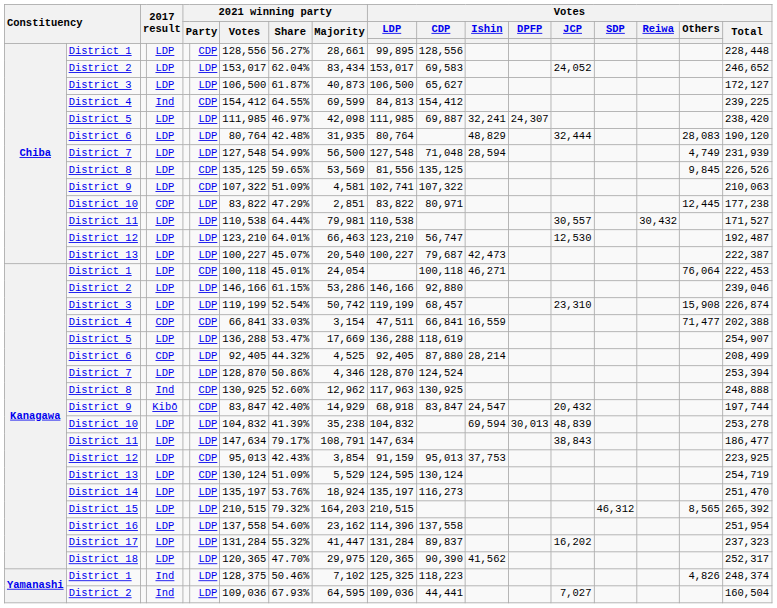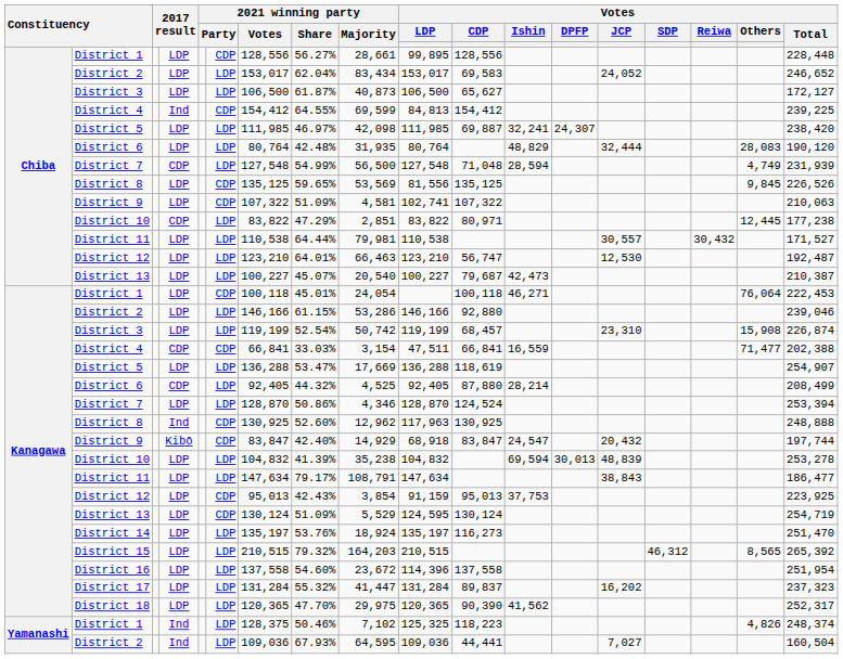 <table class="wikitable sortable" style="text-align:right; font-size:95%">
 <tr>
 <th rowspan=3 colspan=2 style="text-align:left;">Constituency</th>
 <th colspan=2 rowspan=3>2017<br>result</th>
 <th colspan=5>2021 winning party</th>
 <th colspan=9>Votes</th>
 </tr>
 <tr>
 <th colspan=2 rowspan=2>Party</th>
 <th rowspan=2>Votes</th>
 <th rowspan=2>Share</th>
 <th rowspan=2>Majority</th>
 <th><a href='#'>LDP</a></th>
 <th><a href='#'>CDP</a></th>
 <th><a href='#'>Ishin</a></th>
 <th><a href='#'>DPFP</a></th>
 <th><a href='#'>JCP</a></th>
 <th><a href='#'>SDP</a></th>
 <th><a href='#'>Reiwa</a></th>
 <th>Others</th>
 <th rowspan=2>Total</th>
 </tr>
 <tr>
 <th style="background:"></th>
 <th style="background:"></th>
 <th style="background:"></th>
 <th style="background:"></th>
 <th style="background:"></th>
 <th style="background:"></th>
 <th style="background:"></th>
 <th></th>
 </tr>
 <tr>
 <th rowspan=13><a href='#'>Chiba</a></th>
 <td style="text-align:left;"><a href='#'>District 1</a></td>
 <td style="background:"></td>
 <td style="text-align:center;"><a href='#'>LDP</a></td>
 <td style="background:"></td>
 <td><a href='#'>CDP</a></td>
 <td>128,556</td>
 <td>56.27%</td>
 <td>28,661</td>
 <td>99,895</td>
 <td>128,556</td>
 <td></td>
 <td></td>
 <td></td>
 <td></td>
 <td></td>
 <td></td>
 <td>228,448</td>
 </tr>
 <tr>
 <td style="text-align:left;"><a href='#'>District 2</a></td>
 <td style="background:"></td>
 <td style="text-align:center;"><a href='#'>LDP</a></td>
 <td style="background:"></td>
 <td><a href='#'>LDP</a></td>
 <td>153,017</td>
 <td>62.04%</td>
 <td>83,434</td>
 <td>153,017</td>
 <td>69,583</td>
 <td></td>
 <td></td>
 <td>24,052</td>
 <td></td>
 <td></td>
 <td></td>
 <td>246,652</td>
 </tr>
 <tr>
 <td style="text-align:left;"><a href='#'>District 3</a></td>
 <td style="background:"></td>
 <td style="text-align:center;"><a href='#'>LDP</a></td>
 <td style="background:"></td>
 <td><a href='#'>LDP</a></td>
 <td>106,500</td>
 <td>61.87%</td>
 <td>40,873</td>
 <td>106,500</td>
 <td>65,627</td>
 <td></td>
 <td></td>
 <td></td>
 <td></td>
 <td></td>
 <td></td>
 <td>172,127</td>
 </tr>
 <tr>
 <td style="text-align:left;"><a href='#'>District 4</a></td>
 <td style="background:"></td>
 <td style="text-align:center;"><a href='#'>Ind</a></td>
 <td style="background:"></td>
 <td><a href='#'>CDP</a></td>
 <td>154,412</td>
 <td>64.55%</td>
 <td>69,599</td>
 <td>84,813</td>
 <td>154,412</td>
 <td></td>
 <td></td>
 <td></td>
 <td></td>
 <td></td>
 <td></td>
 <td>239,225</td>
 </tr>
 <tr>
 <td style="text-align:left;"><a href='#'>District 5</a></td>
 <td style="background:"></td>
 <td style="text-align:center;"><a href='#'>LDP</a></td>
 <td style="background:"></td>
 <td><a href='#'>LDP</a></td>
 <td>111,985</td>
 <td>46.97%</td>
 <td>42,098</td>
 <td>111,985</td>
 <td>69,887</td>
 <td>32,241</td>
 <td>24,307</td>
 <td></td>
 <td></td>
 <td></td>
 <td></td>
 <td>238,420</td>
 </tr>
 <tr>
 <td style="text-align:left;"><a href='#'>District 6</a></td>
 <td style="background:"></td>
 <td style="text-align:center;"><a href='#'>LDP</a></td>
 <td style="background:"></td>
 <td><a href='#'>LDP</a></td>
 <td>80,764</td>
 <td>42.48%</td>
 <td>31,935</td>
 <td>80,764</td>
 <td></td>
 <td>48,829</td>
 <td></td>
 <td>32,444</td>
 <td></td>
 <td></td>
 <td>28,083</td>
 <td>190,120</td>
 </tr>
 <tr>
 <td style="text-align:left;"><a href='#'>District 7</a></td>
 <td style="background:"></td>
-<td style="text-align:center;"><a href='#'>LDP</a></td>
+<td style="text-align:center;"><a href='#'>CDP</a></td>
 <td style="background:"></td>
 <td><a href='#'>LDP</a></td>
 <td>127,548</td>
 <td>54.99%</td>
 <td>56,500</td>
 <td>127,548</td>
 <td>71,048</td>
 <td>28,594</td>
 <td></td>
 <td></td>
 <td></td>
 <td></td>
 <td>4,749</td>
 <td>231,939</td>
 </tr>
 <tr>
 <td style="text-align:left;"><a href='#'>District 8</a></td>
 <td style="background:"></td>
 <td style="text-align:center;"><a href='#'>LDP</a></td>
 <td style="background:"></td>
 <td><a href='#'>CDP</a></td>
 <td>135,125</td>
 <td>59.65%</td>
 <td>53,569</td>
 <td>81,556</td>
 <td>135,125</td>
 <td></td>
 <td></td>
 <td></td>
 <td></td>
 <td></td>
 <td>9,845</td>
 <td>226,526</td>
 </tr>
 <tr>
 <td style="text-align:left;"><a href='#'>District 9</a></td>
 <td style="background:"></td>
 <td style="text-align:center;"><a href='#'>LDP</a></td>
 <td style="background:"></td>
 <td><a href='#'>CDP</a></td>
 <td>107,322</td>
 <td>51.09%</td>
 <td>4,581</td>
 <td>102,741</td>
 <td>107,322</td>
 <td></td>
 <td></td>
 <td></td>
 <td></td>
 <td></td>
 <td></td>
 <td>210,063</td>
 </tr>
 <tr>
 <td style="text-align:left;"><a href='#'>District 10</a></td>
 <td style="background:"></td>
 <td style="text-align:center;"><a href='#'>CDP</a></td>
 <td style="background:"></td>
 <td><a href='#'>LDP</a></td>
 <td>83,822</td>
 <td>47.29%</td>
 <td>2,851</td>
 <td>83,822</td>
 <td>80,971</td>
 <td></td>
 <td></td>
 <td></td>
 <td></td>
 <td></td>
 <td>12,445</td>
 <td>177,238</td>
 </tr>
 <tr>
 <td style="text-align:left;"><a href='#'>District 11</a></td>
 <td style="background:"></td>
 <td style="text-align:center;"><a href='#'>LDP</a></td>
 <td style="background:"></td>
 <td><a href='#'>LDP</a></td>
 <td>110,538</td>
 <td>64.44%</td>
 <td>79,981</td>
 <td>110,538</td>
 <td></td>
 <td></td>
 <td></td>
 <td>30,557</td>
 <td></td>
 <td>30,432</td>
 <td></td>
 <td>171,527</td>
 </tr>
 <tr>
 <td style="text-align:left;"><a href='#'>District 12</a></td>
 <td style="background:"></td>
 <td style="text-align:center;"><a href='#'>LDP</a></td>
 <td style="background:"></td>
 <td><a href='#'>LDP</a></td>
 <td>123,210</td>
 <td>64.01%</td>
 <td>66,463</td>
 <td>123,210</td>
 <td>56,747</td>
 <td></td>
 <td></td>
 <td>12,530</td>
 <td></td>
 <td></td>
 <td></td>
 <td>192,487</td>
 </tr>
 <tr>
 <td style="text-align:left;"><a href='#'>District 13</a></td>
 <td style="background:"></td>
 <td style="text-align:center;"><a href='#'>LDP</a></td>
 <td style="background:"></td>
 <td><a href='#'>LDP</a></td>
 <td>100,227</td>
 <td>45.07%</td>
 <td>20,540</td>
 <td>100,227</td>
 <td>79,687</td>
 <td>42,473</td>
 <td></td>
 <td></td>
 <td></td>
 <td></td>
 <td></td>
-<td>222,387</td>
+<td>210,387</td>
 </tr>
 <tr>
 <th rowspan=18><a href='#'>Kanagawa</a></th>
 <td style="text-align:left;"><a href='#'>District 1</a></td>
 <td style="background:"></td>
 <td style="text-align:center;"><a href='#'>LDP</a></td>
 <td style="background:"></td>
 <td><a href='#'>CDP</a></td>
 <td>100,118</td>
 <td>45.01%</td>
 <td>24,054</td>
 <td></td>
 <td>100,118</td>
 <td>46,271</td>
 <td></td>
 <td></td>
 <td></td>
 <td></td>
 <td>76,064</td>
 <td>222,453</td>
 </tr>
 <tr>
 <td style="text-align:left;"><a href='#'>District 2</a></td>
 <td style="background:"></td>
 <td style="text-align:center;"><a href='#'>LDP</a></td>
 <td style="background:"></td>
 <td><a href='#'>LDP</a></td>
 <td>146,166</td>
 <td>61.15%</td>
 <td>53,286</td>
 <td>146,166</td>
 <td>92,880</td>
 <td></td>
 <td></td>
 <td></td>
 <td></td>
 <td></td>
 <td></td>
 <td>239,046</td>
 </tr>
 <tr>
 <td style="text-align:left;"><a href='#'>District 3</a></td>
 <td style="background:"></td>
 <td style="text-align:center;"><a href='#'>LDP</a></td>
 <td style="background:"></td>
 <td><a href='#'>LDP</a></td>
 <td>119,199</td>
 <td>52.54%</td>
 <td>50,742</td>
 <td>119,199</td>
 <td>68,457</td>
 <td></td>
 <td></td>
 <td>23,310</td>
 <td></td>
 <td></td>
 <td>15,908</td>
 <td>226,874</td>
 </tr>
 <tr>
 <td style="text-align:left;"><a href='#'>District 4</a></td>
 <td style="background:"></td>
 <td style="text-align:center;"><a href='#'>CDP</a></td>
 <td style="background:"></td>
 <td><a href='#'>CDP</a></td>
 <td>66,841</td>
 <td>33.03%</td>
 <td>3,154</td>
 <td>47,511</td>
 <td>66,841</td>
 <td>16,559</td>
 <td></td>
 <td></td>
 <td></td>
 <td></td>
 <td>71,477</td>
 <td>202,388</td>
 </tr>
 <tr>
 <td style="text-align:left;"><a href='#'>District 5</a></td>
 <td style="background:"></td>
 <td style="text-align:center;"><a href='#'>LDP</a></td>
 <td style="background:"></td>
 <td><a href='#'>LDP</a></td>
 <td>136,288</td>
 <td>53.47%</td>
 <td>17,669</td>
 <td>136,288</td>
 <td>118,619</td>
 <td></td>
 <td></td>
 <td></td>
 <td></td>
 <td></td>
 <td></td>
 <td>254,907</td>
 </tr>
 <tr>
 <td style="text-align:left;"><a href='#'>District 6</a></td>
 <td style="background:"></td>
 <td style="text-align:center;"><a href='#'>CDP</a></td>
 <td style="background:"></td>
 <td><a href='#'>LDP</a></td>
 <td>92,405</td>
 <td>44.32%</td>
 <td>4,525</td>
 <td>92,405</td>
 <td>87,880</td>
 <td>28,214</td>
 <td></td>
 <td></td>
 <td></td>
 <td></td>
 <td></td>
 <td>208,499</td>
 </tr>
 <tr>
 <td style="text-align:left;"><a href='#'>District 7</a></td>
 <td style="background:"></td>
 <td style="text-align:center;"><a href='#'>LDP</a></td>
 <td style="background:"></td>
 <td><a href='#'>LDP</a></td>
 <td>128,870</td>
 <td>50.86%</td>
 <td>4,346</td>
 <td>128,870</td>
 <td>124,524</td>
 <td></td>
 <td></td>
 <td></td>
 <td></td>
 <td></td>
 <td></td>
 <td>253,394</td>
 </tr>
 <tr>
 <td style="text-align:left;"><a href='#'>District 8</a></td>
 <td style="background:"></td>
 <td style="text-align:center;"><a href='#'>Ind</a></td>
 <td style="background:"></td>
 <td><a href='#'>CDP</a></td>
 <td>130,925</td>
 <td>52.60%</td>
 <td>12,962</td>
 <td>117,963</td>
 <td>130,925</td>
 <td></td>
 <td></td>
 <td></td>
 <td></td>
 <td></td>
 <td></td>
 <td>248,888</td>
 </tr>
 <tr>
 <td style="text-align:left;"><a href='#'>District 9</a></td>
 <td style="background:"></td>
 <td style="text-align:center;"><a href='#'>Kibō</a></td>
 <td style="background:"></td>
 <td><a href='#'>CDP</a></td>
 <td>83,847</td>
 <td>42.40%</td>
 <td>14,929</td>
 <td>68,918</td>
 <td>83,847</td>
 <td>24,547</td>
 <td></td>
 <td>20,432</td>
 <td></td>
 <td></td>
 <td></td>
 <td>197,744</td>
 </tr>
 <tr>
 <td style="text-align:left;"><a href='#'>District 10</a></td>
 <td style="background:"></td>
 <td style="text-align:center;"><a href='#'>LDP</a></td>
 <td style="background:"></td>
 <td><a href='#'>LDP</a></td>
 <td>104,832</td>
 <td>41.39%</td>
 <td>35,238</td>
 <td>104,832</td>
 <td></td>
 <td>69,594</td>
 <td>30,013</td>
 <td>48,839</td>
 <td></td>
 <td></td>
 <td></td>
 <td>253,278</td>
 </tr>
 <tr>
 <td style="text-align:left;"><a href='#'>District 11</a></td>
 <td style="background:"></td>
 <td style="text-align:center;"><a href='#'>LDP</a></td>
 <td style="background:"></td>
 <td><a href='#'>LDP</a></td>
 <td>147,634</td>
 <td>79.17%</td>
 <td>108,791</td>
 <td>147,634</td>
 <td></td>
 <td></td>
 <td></td>
 <td>38,843</td>
 <td></td>
 <td></td>
 <td></td>
 <td>186,477</td>
 </tr>
 <tr>
 <td style="text-align:left;"><a href='#'>District 12</a></td>
 <td style="background:"></td>
 <td style="text-align:center;"><a href='#'>LDP</a></td>
 <td style="background:"></td>
 <td><a href='#'>CDP</a></td>
 <td>95,013</td>
 <td>42.43%</td>
 <td>3,854</td>
 <td>91,159</td>
 <td>95,013</td>
 <td>37,753</td>
 <td></td>
 <td></td>
 <td></td>
 <td></td>
 <td></td>
 <td>223,925</td>
 </tr>
 <tr>
 <td style="text-align:left;"><a href='#'>District 13</a></td>
 <td style="background:"></td>
 <td style="text-align:center;"><a href='#'>LDP</a></td>
 <td style="background:"></td>
 <td><a href='#'>CDP</a></td>
 <td>130,124</td>
 <td>51.09%</td>
 <td>5,529</td>
 <td>124,595</td>
 <td>130,124</td>
 <td></td>
 <td></td>
 <td></td>
 <td></td>
 <td></td>
 <td></td>
 <td>254,719</td>
 </tr>
 <tr>
 <td style="text-align:left;"><a href='#'>District 14</a></td>
 <td style="background:"></td>
 <td style="text-align:center;"><a href='#'>LDP</a></td>
 <td style="background:"></td>
 <td><a href='#'>LDP</a></td>
 <td>135,197</td>
 <td>53.76%</td>
 <td>18,924</td>
 <td>135,197</td>
 <td>116,273</td>
 <td></td>
 <td></td>
 <td></td>
 <td></td>
 <td></td>
 <td></td>
 <td>251,470</td>
 </tr>
 <tr>
 <td style="text-align:left;"><a href='#'>District 15</a></td>
 <td style="background:"></td>
 <td style="text-align:center;"><a href='#'>LDP</a></td>
 <td style="background:"></td>
 <td><a href='#'>LDP</a></td>
 <td>210,515</td>
 <td>79.32%</td>
 <td>164,203</td>
 <td>210,515</td>
 <td></td>
 <td></td>
 <td></td>
 <td></td>
 <td>46,312</td>
 <td></td>
 <td>8,565</td>
 <td>265,392</td>
 </tr>
 <tr>
 <td style="text-align:left;"><a href='#'>District 16</a></td>
 <td style="background:"></td>
 <td style="text-align:center;"><a href='#'>LDP</a></td>
 <td style="background:"></td>
 <td><a href='#'>LDP</a></td>
 <td>137,558</td>
 <td>54.60%</td>
-<td>23,162</td>
+<td>23,672</td>
 <td>114,396</td>
 <td>137,558</td>
 <td></td>
 <td></td>
 <td></td>
 <td></td>
 <td></td>
 <td></td>
 <td>251,954</td>
 </tr>
 <tr>
 <td style="text-align:left;"><a href='#'>District 17</a></td>
 <td style="background:"></td>
 <td style="text-align:center;"><a href='#'>LDP</a></td>
 <td style="background:"></td>
 <td><a href='#'>LDP</a></td>
 <td>131,284</td>
 <td>55.32%</td>
 <td>41,447</td>
 <td>131,284</td>
 <td>89,837</td>
 <td></td>
 <td></td>
 <td>16,202</td>
 <td></td>
 <td></td>
 <td></td>
 <td>237,323</td>
 </tr>
 <tr>
 <td style="text-align:left;"><a href='#'>District 18</a></td>
 <td style="background:"></td>
 <td style="text-align:center;"><a href='#'>LDP</a></td>
 <td style="background:"></td>
 <td><a href='#'>LDP</a></td>
 <td>120,365</td>
 <td>47.70%</td>
 <td>29,975</td>
 <td>120,365</td>
 <td>90,390</td>
 <td>41,562</td>
 <td></td>
 <td></td>
 <td></td>
 <td></td>
 <td></td>
 <td>252,317</td>
 </tr>
 <tr>
 <th rowspan=2><a href='#'>Yamanashi</a></th>
 <td style="text-align:left;"><a href='#'>District 1</a></td>
 <td style="background:"></td>
 <td style="text-align:center;"><a href='#'>Ind</a></td>
 <td style="background:"></td>
 <td><a href='#'>LDP</a></td>
 <td>128,375</td>
 <td>50.46%</td>
 <td>7,102</td>
 <td>125,325</td>
 <td>118,223</td>
 <td></td>
 <td></td>
 <td></td>
 <td></td>
 <td></td>
 <td>4,826</td>
 <td>248,374</td>
 </tr>
 <tr>
 <td style="text-align:left;"><a href='#'>District 2</a></td>
 <td style="background:"></td>
 <td style="text-align:center;"><a href='#'>Ind</a></td>
 <td style="background:"></td>
 <td><a href='#'>LDP</a></td>
 <td>109,036</td>
 <td>67.93%</td>
 <td>64,595</td>
 <td>109,036</td>
 <td>44,441</td>
 <td></td>
 <td></td>
 <td>7,027</td>
 <td></td>
 <td></td>
 <td></td>
 <td>160,504</td>
 </tr>
 </table>
